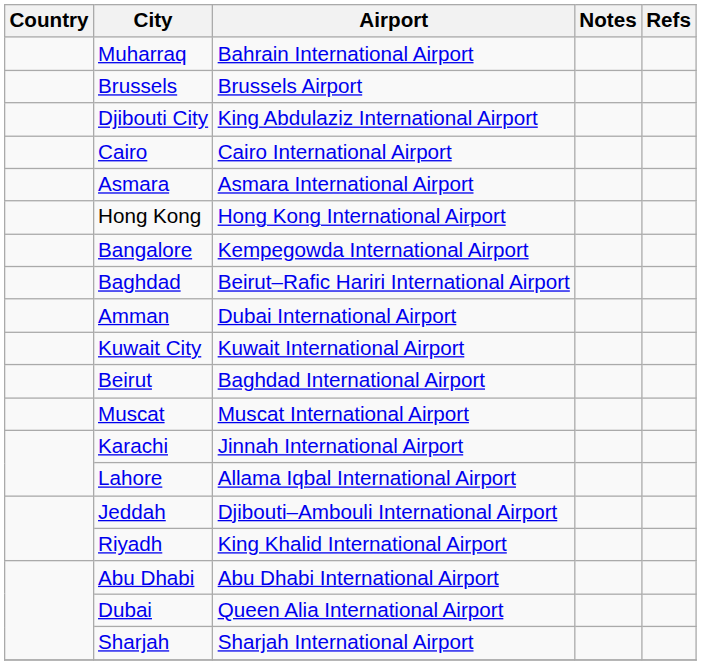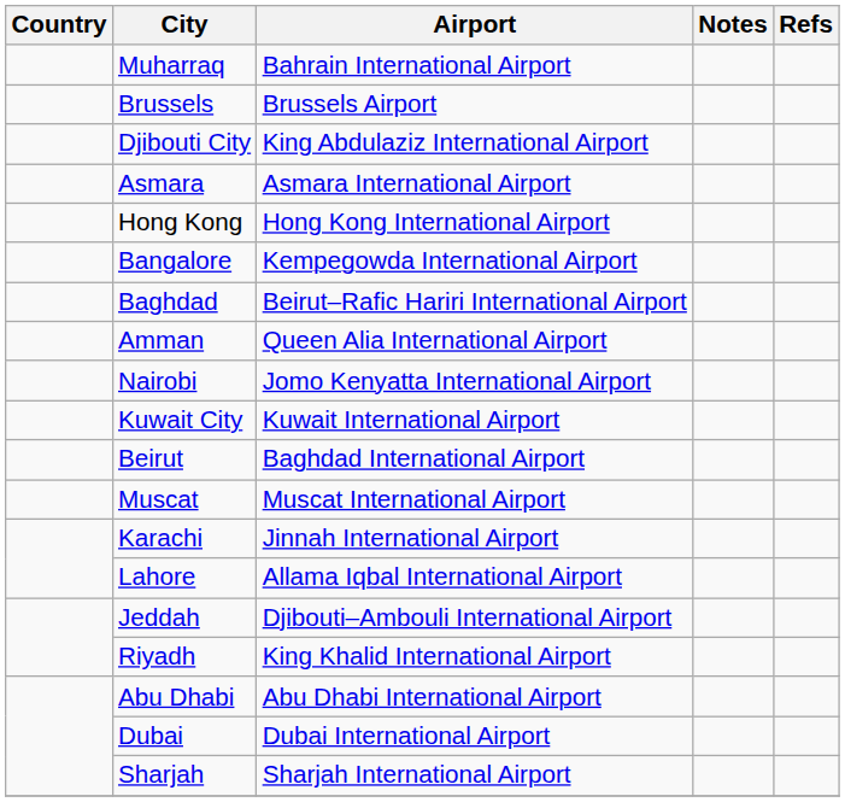 <table class="sortable wikitable">
 <tr>
 <th>Country</th>
 <th>City</th>
 <th>Airport</th>
 <th>Notes</th>
 <th>Refs</th>
 </tr>
 <tr>
 <td></td>
 <td><a href='#'>Muharraq</a></td>
 <td><a href='#'>Bahrain International Airport</a></td>
 <td></td>
 <td></td>
 </tr>
 <tr>
 <td></td>
 <td><a href='#'>Brussels</a></td>
 <td><a href='#'>Brussels Airport</a></td>
 <td align=center></td>
 <td></td>
 </tr>
 <tr>
 <td></td>
 <td><a href='#'>Djibouti City</a></td>
 <td><a href='#'>King Abdulaziz International Airport</a></td>
-<td></td>
-<td></td>
-</tr>
-<tr>
-<td></td>
-<td><a href='#'>Cairo</a></td>
-<td><a href='#'>Cairo International Airport</a></td>
 <td></td>
 <td></td>
 </tr>
 <tr>
 <td></td>
 <td><a href='#'>Asmara</a></td>
 <td><a href='#'>Asmara International Airport</a></td>
 <td></td>
 <td></td>
 </tr>
 <tr>
 <td></td>
 <td>Hong Kong</td>
 <td><a href='#'>Hong Kong International Airport</a></td>
 <td></td>
 <td></td>
 </tr>
 <tr>
 <td></td>
 <td><a href='#'>Bangalore</a></td>
 <td><a href='#'>Kempegowda International Airport</a></td>
 <td></td>
 <td></td>
 </tr>
 <tr>
 <td></td>
 <td><a href='#'>Baghdad</a></td>
 <td><a href='#'>Beirut–Rafic Hariri International Airport</a></td>
 <td></td>
 <td></td>
 </tr>
 <tr>
 <td></td>
 <td><a href='#'>Amman</a></td>
-<td><a href='#'>Dubai International Airport</a></td>
+<td><a href='#'>Queen Alia International Airport</a></td>
+<td></td>
+<td></td>
+</tr>
+<tr>
+<td></td>
+<td><a href='#'>Nairobi</a></td>
+<td><a href='#'>Jomo Kenyatta International Airport</a></td>
 <td></td>
 <td></td>
 </tr>
 <tr>
 <td></td>
 <td><a href='#'>Kuwait City</a></td>
 <td><a href='#'>Kuwait International Airport</a></td>
 <td align=center></td>
 <td></td>
 </tr>
 <tr>
 <td></td>
 <td><a href='#'>Beirut</a></td>
 <td><a href='#'>Baghdad International Airport</a></td>
 <td></td>
 <td></td>
 </tr>
 <tr>
 <td></td>
 <td><a href='#'>Muscat</a></td>
 <td><a href='#'>Muscat International Airport</a></td>
 <td></td>
 <td></td>
 </tr>
 <tr>
 <td rowspan=2></td>
 <td><a href='#'>Karachi</a></td>
 <td><a href='#'>Jinnah International Airport</a></td>
 <td></td>
 <td></td>
 </tr>
 <tr>
 <td><a href='#'>Lahore</a></td>
 <td><a href='#'>Allama Iqbal International Airport</a></td>
 <td></td>
 <td></td>
 </tr>
 <tr>
 <td rowspan=2></td>
 <td><a href='#'>Jeddah</a></td>
 <td><a href='#'>Djibouti–Ambouli International Airport</a></td>
 <td></td>
 <td></td>
 </tr>
 <tr>
 <td><a href='#'>Riyadh</a></td>
 <td><a href='#'>King Khalid International Airport</a></td>
 <td></td>
 <td></td>
 </tr>
 <tr>
 <td rowspan=3></td>
 <td><a href='#'>Abu Dhabi</a></td>
 <td><a href='#'>Abu Dhabi International Airport</a></td>
 <td></td>
 <td></td>
 </tr>
 <tr>
 <td><a href='#'>Dubai</a></td>
-<td><a href='#'>Queen Alia International Airport</a></td>
+<td><a href='#'>Dubai International Airport</a></td>
 <td></td>
 <td></td>
 </tr>
 <tr>
 <td><a href='#'>Sharjah</a></td>
 <td><a href='#'>Sharjah International Airport</a></td>
 <td align=center></td>
 <td></td>
 </tr>
 <tr>
 </tr>
 </table>
